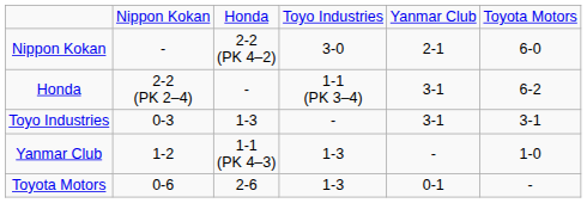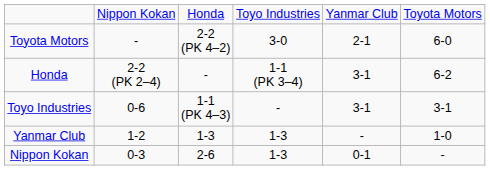 <table class="wikitable">
 <tr align=center>
 <td></td>
 <td><a href='#'>Nippon Kokan</a></td>
 <td><a href='#'>Honda</a></td>
 <td><a href='#'>Toyo Industries</a></td>
 <td><a href='#'>Yanmar Club</a></td>
 <td><a href='#'>Toyota Motors</a></td>
 </tr>
 <tr align=center>
-<td><a href='#'>Nippon Kokan</a></td>
+<td><a href='#'>Toyota Motors</a></td>
 <td>-</td>
 <td>2-2<br>(PK 4–2)</td>
 <td>3-0</td>
 <td>2-1</td>
 <td>6-0</td>
 </tr>
 <tr align=center>
 <td><a href='#'>Honda</a></td>
 <td>2-2<br>(PK 2–4)</td>
 <td>-</td>
 <td>1-1<br>(PK 3–4)</td>
 <td>3-1</td>
 <td>6-2</td>
 </tr>
 <tr align=center>
 <td><a href='#'>Toyo Industries</a></td>
-<td>0-3</td>
-<td>1-3</td>
+<td>0-6</td>
+<td>1-1<br>(PK 4–3)</td>
 <td>-</td>
 <td>3-1</td>
 <td>3-1</td>
 </tr>
 <tr align=center>
 <td><a href='#'>Yanmar Club</a></td>
 <td>1-2</td>
-<td>1-1<br>(PK 4–3)</td>
+<td>1-3</td>
 <td>1-3</td>
 <td>-</td>
 <td>1-0</td>
 </tr>
 <tr align=center>
-<td><a href='#'>Toyota Motors</a></td>
-<td>0-6</td>
+<td><a href='#'>Nippon Kokan</a></td>
+<td>0-3</td>
 <td>2-6</td>
 <td>1-3</td>
 <td>0-1</td>
 <td>-</td>
 </tr>
 </table>
